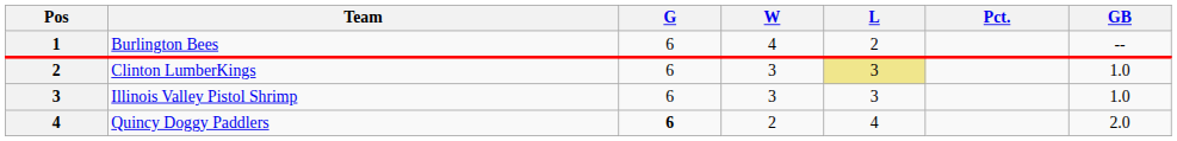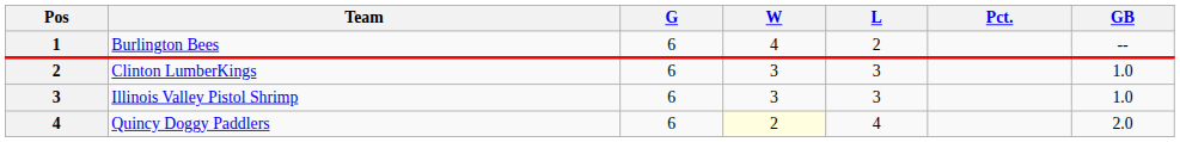 <table class="wikitable plainrowheaders" width="90%" style="text-align:center;">
 <tr>
 <th scope="col" width="5%">Pos</th>
 <th scope="col" width="25%">Team</th>
 <th scope="col" width="5%"><a href='#'>G</a></th>
 <th scope="col" width="5%"><a href='#'>W</a></th>
 <th scope="col" width="5%"><a href='#'>L</a></th>
 <th scope="col" width="7%"><a href='#'>Pct.</a></th>
 <th scope="col" width="5%"><a href='#'>GB</a></th>
 </tr>
 <tr>
 <th>1</th>
 <td style="text-align:left;"><a href='#'>Burlington Bees</a></td>
 <td>6</td>
 <td>4</td>
 <td>2</td>
 <td></td>
 <td>--</td>
 </tr>
 <tr>
 </tr>
 <tr |- style="border-top:3px solid red;">
 <th>2</th>
 <td style="text-align:left;"><a href='#'>Clinton LumberKings</a></td>
 <td>6</td>
 <td>3</td>
-<td style="background: khaki;">3</td>
+<td>3</td>
 <td></td>
 <td>1.0</td>
 </tr>
 <tr>
 <th>3</th>
 <td style="text-align:left;"><a href='#'>Illinois Valley Pistol Shrimp</a></td>
 <td>6</td>
 <td>3</td>
 <td>3</td>
 <td></td>
 <td>1.0</td>
 </tr>
 <tr>
 <th>4</th>
 <td style="text-align:left;"><a href='#'>Quincy Doggy Paddlers</a></td>
-<td><strong>6</strong></td>
-<td>2</td>
+<td>6</td>
+<td style="background: lightyellow;">2</td>
 <td>4</td>
 <td></td>
 <td>2.0</td>
 </tr>
 </table>
